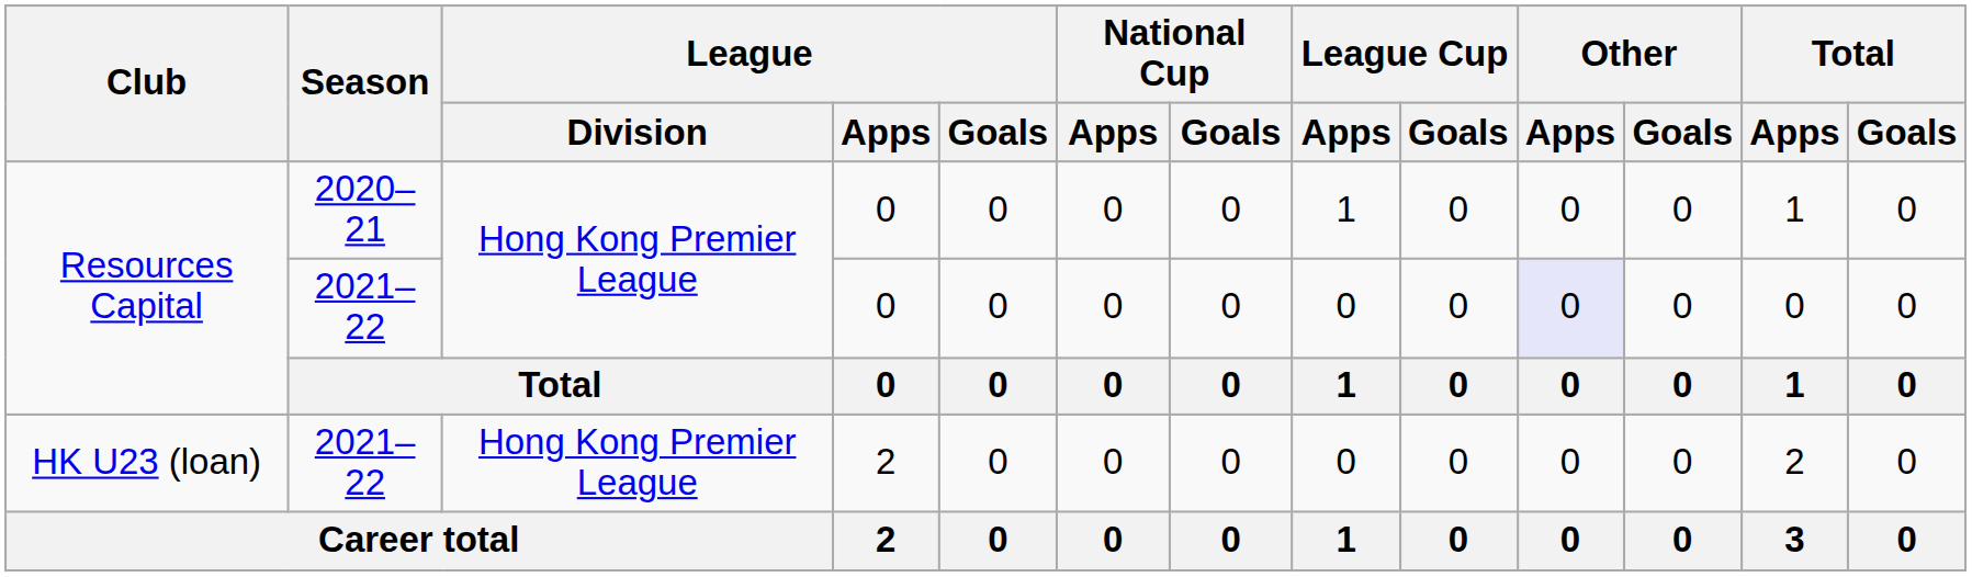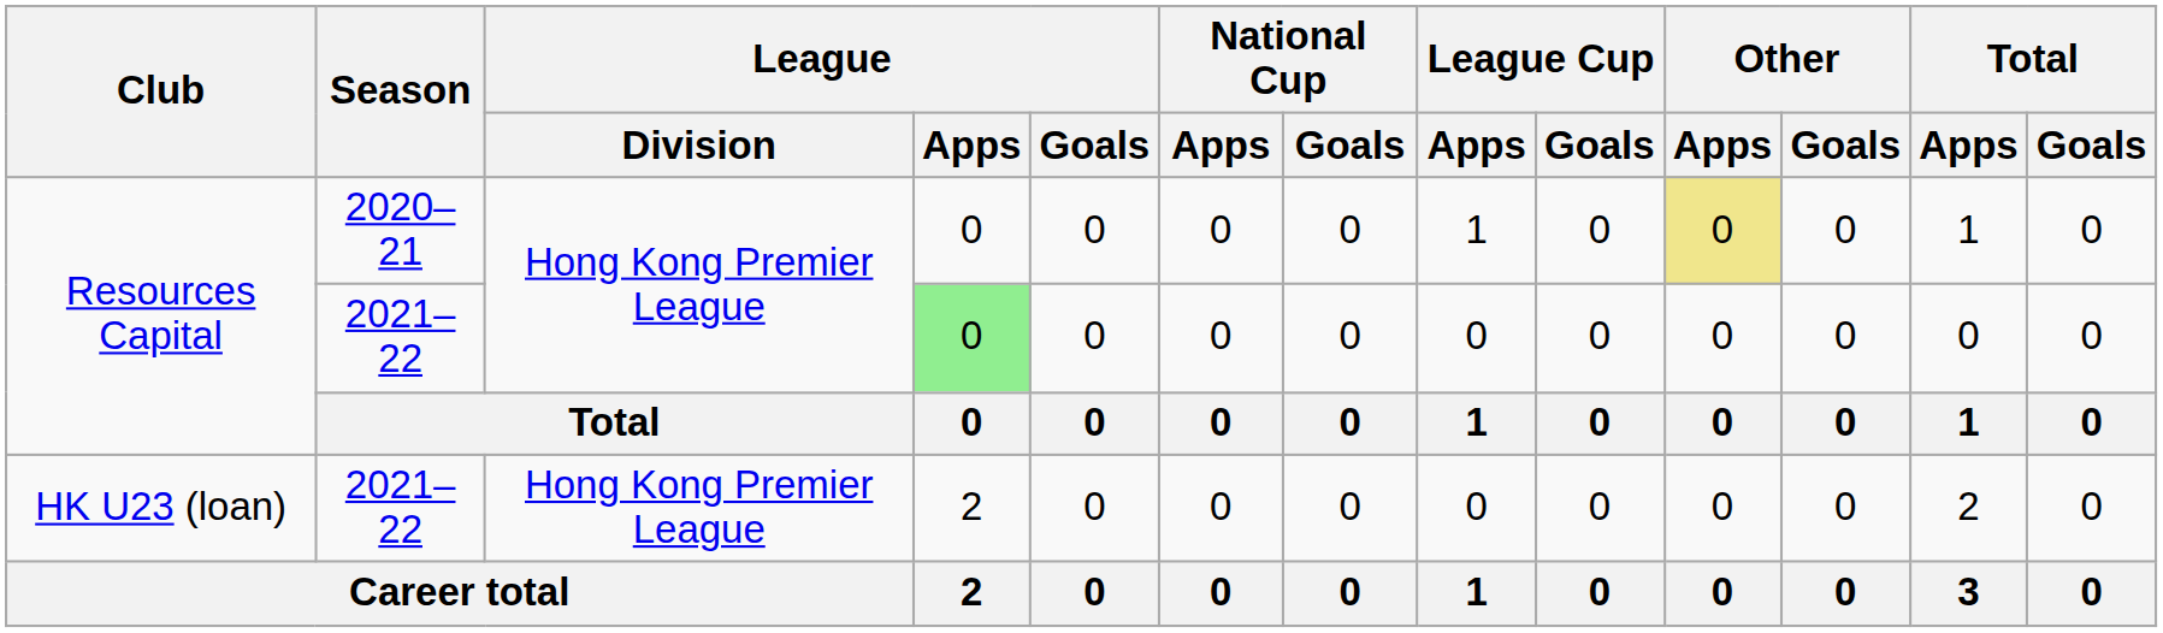 <table class="wikitable" style="text-align: center">
 <tr>
 <th rowspan="2">Club</th>
 <th rowspan="2">Season</th>
 <th colspan="3">League</th>
 <th colspan="2">National Cup</th>
 <th colspan="2">League Cup</th>
 <th colspan="2">Other</th>
 <th colspan="2">Total</th>
 </tr>
 <tr>
 <th>Division</th>
 <th>Apps</th>
 <th>Goals</th>
 <th>Apps</th>
 <th>Goals</th>
 <th>Apps</th>
 <th>Goals</th>
 <th>Apps</th>
 <th>Goals</th>
 <th>Apps</th>
 <th>Goals</th>
 </tr>
 <tr>
 <td rowspan="3"><a href='#'>Resources Capital</a></td>
 <td><a href='#'>2020–21</a></td>
 <td rowspan="2"><a href='#'>Hong Kong Premier League</a></td>
 <td>0</td>
 <td>0</td>
 <td>0</td>
 <td>0</td>
 <td>1</td>
 <td>0</td>
-<td>0</td>
+<td style="background: khaki;">0</td>
 <td>0</td>
 <td>1</td>
 <td>0</td>
 </tr>
 <tr>
 <td><a href='#'>2021–22</a></td>
+<td style="background: lightgreen;">0</td>
 <td>0</td>
 <td>0</td>
 <td>0</td>
 <td>0</td>
 <td>0</td>
 <td>0</td>
-<td style="background: lavender;">0</td>
 <td>0</td>
 <td>0</td>
 <td>0</td>
 </tr>
 <tr>
 <th colspan=2>Total</th>
 <th>0</th>
 <th>0</th>
 <th>0</th>
 <th>0</th>
 <th>1</th>
 <th>0</th>
 <th>0</th>
 <th>0</th>
 <th>1</th>
 <th>0</th>
 </tr>
 <tr>
 <td><a href='#'>HK U23</a> (loan)</td>
 <td><a href='#'>2021–22</a></td>
 <td><a href='#'>Hong Kong Premier League</a></td>
 <td>2</td>
 <td>0</td>
 <td>0</td>
 <td>0</td>
 <td>0</td>
 <td>0</td>
 <td>0</td>
 <td>0</td>
 <td>2</td>
 <td>0</td>
 </tr>
 <tr>
 <th colspan=3>Career total</th>
 <th>2</th>
 <th>0</th>
 <th>0</th>
 <th>0</th>
 <th>1</th>
 <th>0</th>
 <th>0</th>
 <th>0</th>
 <th>3</th>
 <th>0</th>
 </tr>
 </table>
